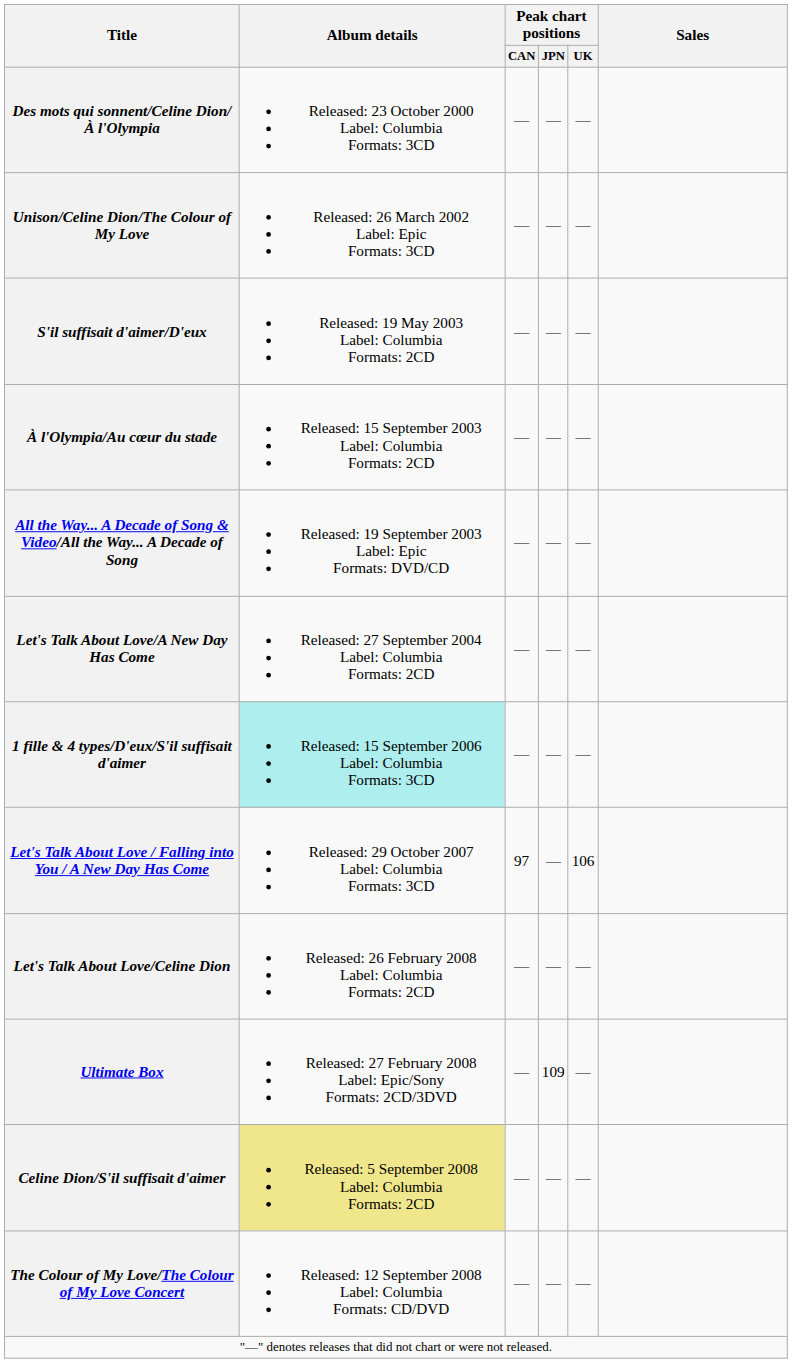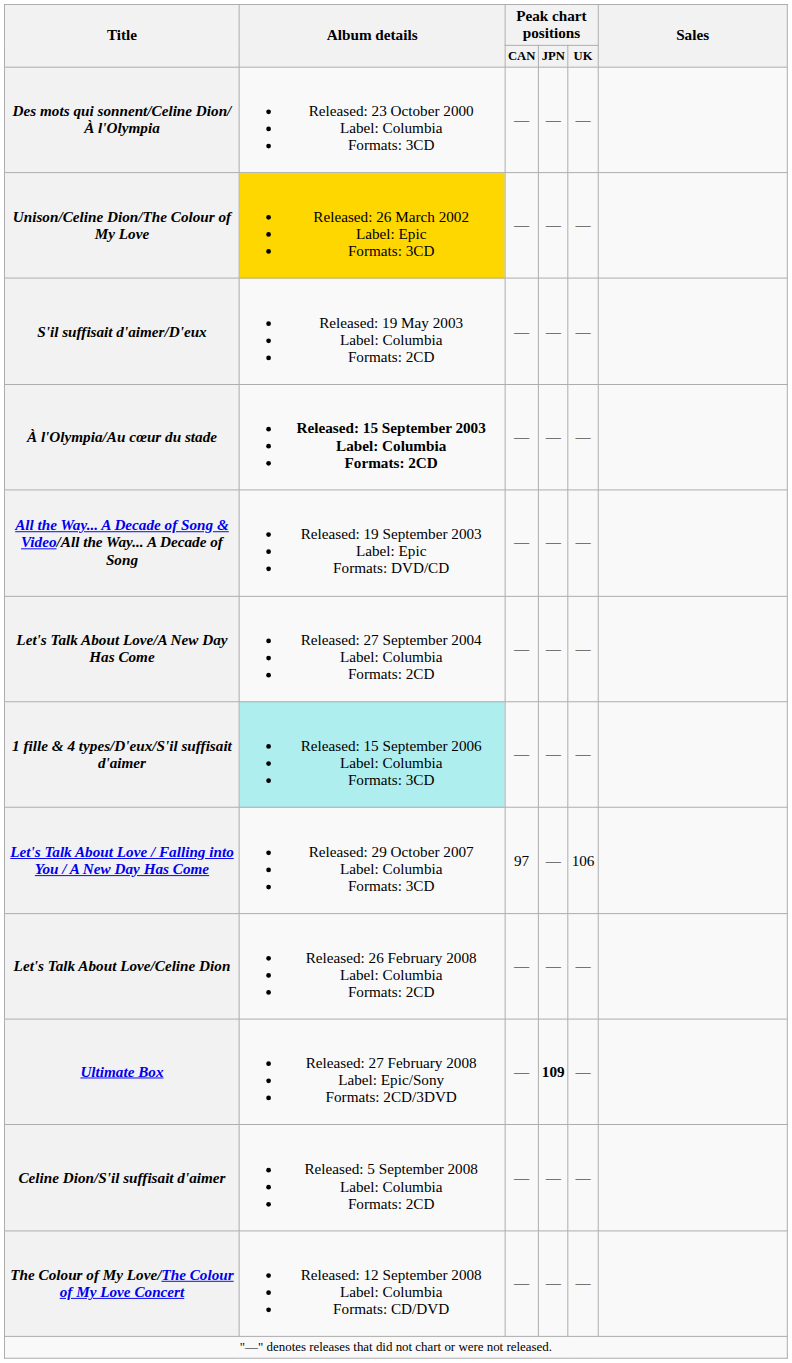 <table class="wikitable plainrowheaders" style="text-align:center;">
 <tr>
 <th rowspan="2" style="width:15em;">Title</th>
 <th rowspan="2" style="width:17em;">Album details</th>
 <th colspan="3">Peak chart positions</th>
 <th rowspan="2" style="width:12em;">Sales</th>
 </tr>
 <tr style="font-size:smaller;">
 <th style="width:25px;">CAN<br></th>
 <th style="width:25px;">JPN<br></th>
 <th style="width:25px;">UK<br></th>
 </tr>
 <tr>
 <th scope="row"><em>Des mots qui sonnent/Celine Dion/À l'Olympia</em></th>
 <td><br><ul><li>Released: 23 October 2000</li><li>Label: Columbia</li><li>Formats: 3CD</li></ul></td>
 <td>—</td>
 <td>—</td>
 <td>—</td>
 <td></td>
 </tr>
 <tr>
 <th scope="row"><em>Unison/Celine Dion/The Colour of My Love</em></th>
-<td><br><ul><li>Released: 26 March 2002</li><li>Label: Epic</li><li>Formats: 3CD</li></ul></td>
+<td style="background: gold;"><br><ul><li>Released: 26 March 2002</li><li>Label: Epic</li><li>Formats: 3CD</li></ul></td>
 <td>—</td>
 <td>—</td>
 <td>—</td>
 <td></td>
 </tr>
 <tr>
 <th scope="row"><em>S'il suffisait d'aimer/D'eux</em></th>
 <td><br><ul><li>Released: 19 May 2003</li><li>Label: Columbia</li><li>Formats: 2CD</li></ul></td>
 <td>—</td>
 <td>—</td>
 <td>—</td>
 <td></td>
 </tr>
 <tr>
 <th scope="row"><em>À l'Olympia/Au cœur du stade</em></th>
-<td><br><ul><li>Released: 15 September 2003</li><li>Label: Columbia</li><li>Formats: 2CD</li></ul></td>
+<td><strong><br><ul><li>Released: 15 September 2003</li><li>Label: Columbia</li><li>Formats: 2CD</li></ul></strong></td>
 <td>—</td>
 <td>—</td>
 <td>—</td>
 <td></td>
 </tr>
 <tr>
 <th scope="row"><em><a href='#'>All the Way... A Decade of Song & Video</a>/All the Way... A Decade of Song</em></th>
 <td><br><ul><li>Released: 19 September 2003</li><li>Label: Epic</li><li>Formats: DVD/CD</li></ul></td>
 <td>—</td>
 <td>—</td>
 <td>—</td>
 <td></td>
 </tr>
 <tr>
 <th scope="row"><em>Let's Talk About Love/A New Day Has Come</em></th>
 <td><br><ul><li>Released: 27 September 2004</li><li>Label: Columbia</li><li>Formats: 2CD</li></ul></td>
 <td>—</td>
 <td>—</td>
 <td>—</td>
 <td></td>
 </tr>
 <tr>
 <th scope="row"><em>1 fille & 4 types/D'eux/S'il suffisait d'aimer</em></th>
 <td style="background: paleturquoise;"><br><ul><li>Released: 15 September 2006</li><li>Label: Columbia</li><li>Formats: 3CD</li></ul></td>
 <td>—</td>
 <td>—</td>
 <td>—</td>
 <td></td>
 </tr>
 <tr>
 <th scope="row"><em><a href='#'>Let's Talk About Love / Falling into You / A New Day Has Come</a></em></th>
 <td><br><ul><li>Released: 29 October 2007</li><li>Label: Columbia</li><li>Formats: 3CD</li></ul></td>
 <td>97</td>
 <td>—</td>
 <td>106</td>
 <td></td>
 </tr>
 <tr>
 <th scope="row"><em>Let's Talk About Love/Celine Dion</em></th>
 <td><br><ul><li>Released: 26 February 2008</li><li>Label: Columbia</li><li>Formats: 2CD</li></ul></td>
 <td>—</td>
 <td>—</td>
 <td>—</td>
 <td></td>
 </tr>
 <tr>
 <th scope="row"><em><a href='#'>Ultimate Box</a></em></th>
 <td><br><ul><li>Released: 27 February 2008</li><li>Label: Epic/Sony</li><li>Formats: 2CD/3DVD</li></ul></td>
 <td>—</td>
-<td>109</td>
+<td><strong>109</strong></td>
 <td>—</td>
 <td></td>
 </tr>
 <tr>
 <th scope="row"><em>Celine Dion/S'il suffisait d'aimer</em></th>
-<td style="background: khaki;"><br><ul><li>Released: 5 September 2008</li><li>Label: Columbia</li><li>Formats: 2CD</li></ul></td>
+<td><br><ul><li>Released: 5 September 2008</li><li>Label: Columbia</li><li>Formats: 2CD</li></ul></td>
 <td>—</td>
 <td>—</td>
 <td>—</td>
 <td></td>
 </tr>
 <tr>
 <th scope="row"><em>The Colour of My Love/<a href='#'>The Colour of My Love Concert</a></em></th>
 <td><br><ul><li>Released: 12 September 2008</li><li>Label: Columbia</li><li>Formats: CD/DVD</li></ul></td>
 <td>—</td>
 <td>—</td>
 <td>—</td>
 <td></td>
 </tr>
 <tr>
 <td colspan="6" style="font-size:85%">"—" denotes releases that did not chart or were not released.</td>
 </tr>
 </table>
